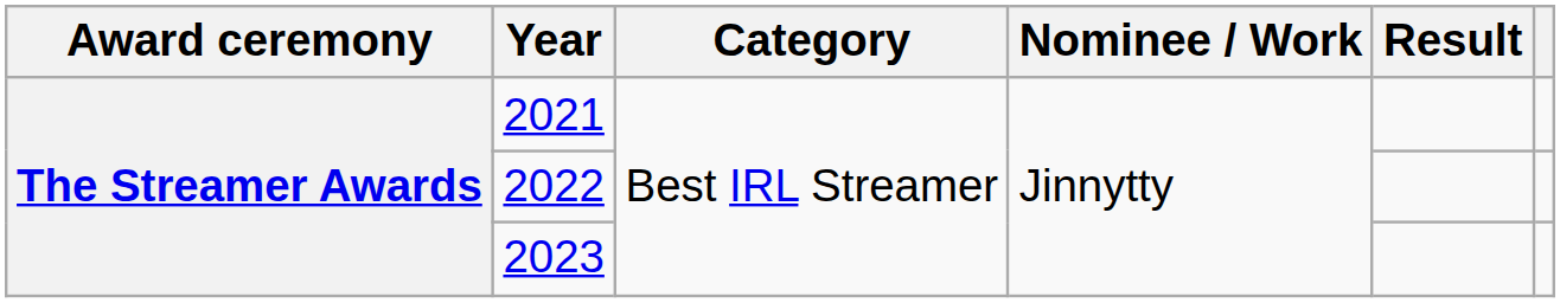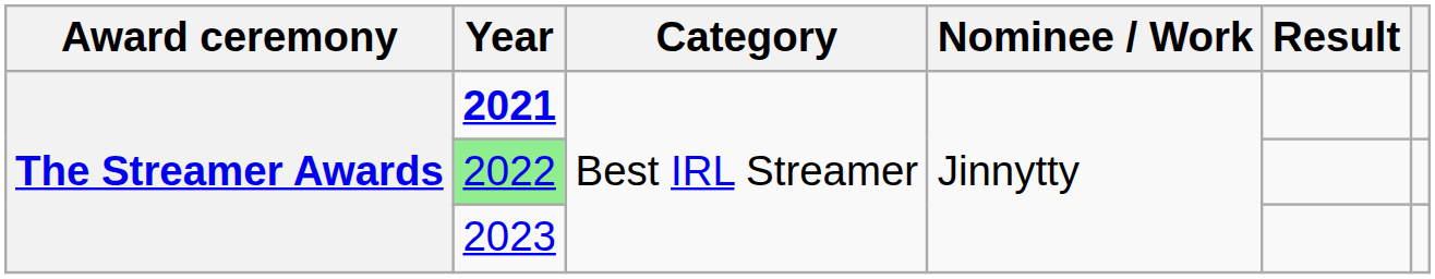 <table class="wikitable plainrowheaders">
 <tr>
 <th scope="col">Award ceremony</th>
 <th scope="col">Year</th>
 <th scope="col">Category</th>
 <th scope="col">Nominee / Work</th>
 <th scope="col">Result</th>
 <th scope="col" class="unsortable"></th>
 </tr>
 <tr>
 <th scope="row" rowspan="3"><a href='#'>The Streamer Awards</a></th>
-<td><a href='#'>2021</a></td>
+<td><strong><a href='#'>2021</a></strong></td>
 <td rowspan="3">Best <a href='#'>IRL</a> Streamer</td>
 <td rowspan="3">Jinnytty</td>
 <td></td>
 <td style="text-align:center"></td>
 </tr>
 <tr>
-<td><a href='#'>2022</a></td>
+<td style="background: lightgreen;"><a href='#'>2022</a></td>
 <td></td>
 <td style="text-align:center"></td>
 </tr>
 <tr>
 <td><a href='#'>2023</a></td>
 <td></td>
 <td style="text-align:center"></td>
 </tr>
 </table>
